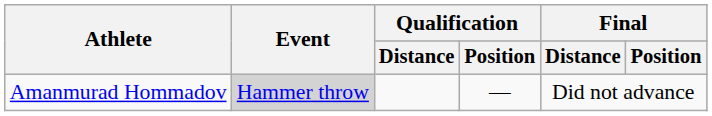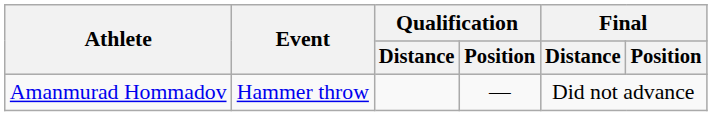 <table class=wikitable style="font-size:90%">
 <tr>
 <th rowspan="2">Athlete</th>
 <th rowspan="2">Event</th>
 <th colspan="2">Qualification</th>
 <th colspan="2">Final</th>
 </tr>
 <tr style="font-size:95%">
 <th>Distance</th>
 <th>Position</th>
 <th>Distance</th>
 <th>Position</th>
 </tr>
 <tr align=center>
 <td align=left><a href='#'>Amanmurad Hommadov</a></td>
-<td align=left style="background: lightgrey;"><a href='#'>Hammer throw</a></td>
+<td align=left><a href='#'>Hammer throw</a></td>
 <td></td>
 <td>—</td>
 <td colspan=2>Did not advance</td>
 </tr>
 </table>
